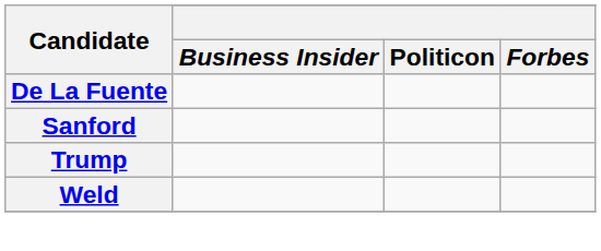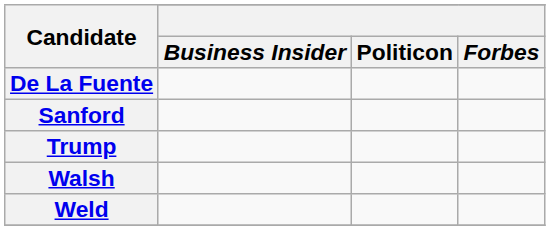 <table class="wikitable sortable" style="text-align:center;font-size:95%;line-height:14px;">
 <tr>
 <th scope="col" rowspan="3">Candidate</th>
 </tr>
 <tr>
 <th colspan="3" style="color:black; vertical-align:top; text-align:center;" class="table-no"><br> </th>
 </tr>
 <tr>
 <th scope="col"><em>Business Insider</em></th>
 <th scope="col">Politicon</th>
 <th scope="col"><em>Forbes</em></th>
 </tr>
 <tr>
 <th scope="row"><a href='#'>De La Fuente</a></th>
 <td></td>
 <td></td>
 <td></td>
 </tr>
 <tr>
 <th scope="row"><a href='#'>Sanford</a></th>
 <td></td>
 <td></td>
 <td></td>
 </tr>
 <tr>
 <th scope="row"><a href='#'>Trump</a></th>
 <td></td>
 <td></td>
 <td></td>
 </tr>
 <tr>
+<th scope="row"><a href='#'>Walsh</a></th>
+<td></td>
+<td></td>
+<td></td>
+</tr>
+<tr>
 <th scope="row"><a href='#'>Weld</a></th>
 <td></td>
 <td></td>
 <td></td>
 </tr>
 <tr>
 </tr>
 </table>
